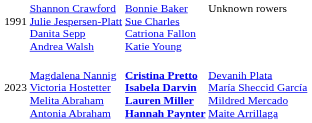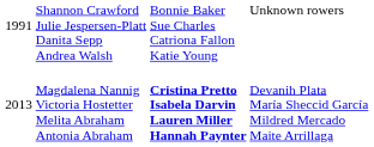 <table>
 <tr>
 <td>1991</td>
 <td><br><a href='#'>Shannon Crawford</a><br><a href='#'>Julie Jespersen-Platt</a><br><a href='#'>Danita Sepp</a><br><a href='#'>Andrea Walsh</a></td>
 <td><br><a href='#'>Bonnie Baker</a><br><a href='#'>Sue Charles</a><br><a href='#'>Catriona Fallon</a><br><a href='#'>Katie Young</a></td>
 <td valign=top><br>Unknown rowers</td>
 </tr>
 <tr>
-<td>2023<br></td>
+<td>2013<br></td>
 <td><br><a href='#'>Magdalena Nannig</a><br><a href='#'>Victoria Hostetter</a><br><a href='#'>Melita Abraham</a><br><a href='#'>Antonia Abraham</a></td>
 <td><strong><br><a href='#'>Cristina Pretto</a><br><a href='#'>Isabela Darvin</a><br><a href='#'>Lauren Miller</a><br><a href='#'>Hannah Paynter</a></strong></td>
 <td><br><a href='#'>Devanih Plata</a><br><a href='#'>María Sheccid García</a><br><a href='#'>Mildred Mercado</a><br><a href='#'>Maite Arrillaga</a></td>
 </tr>
 </table>
